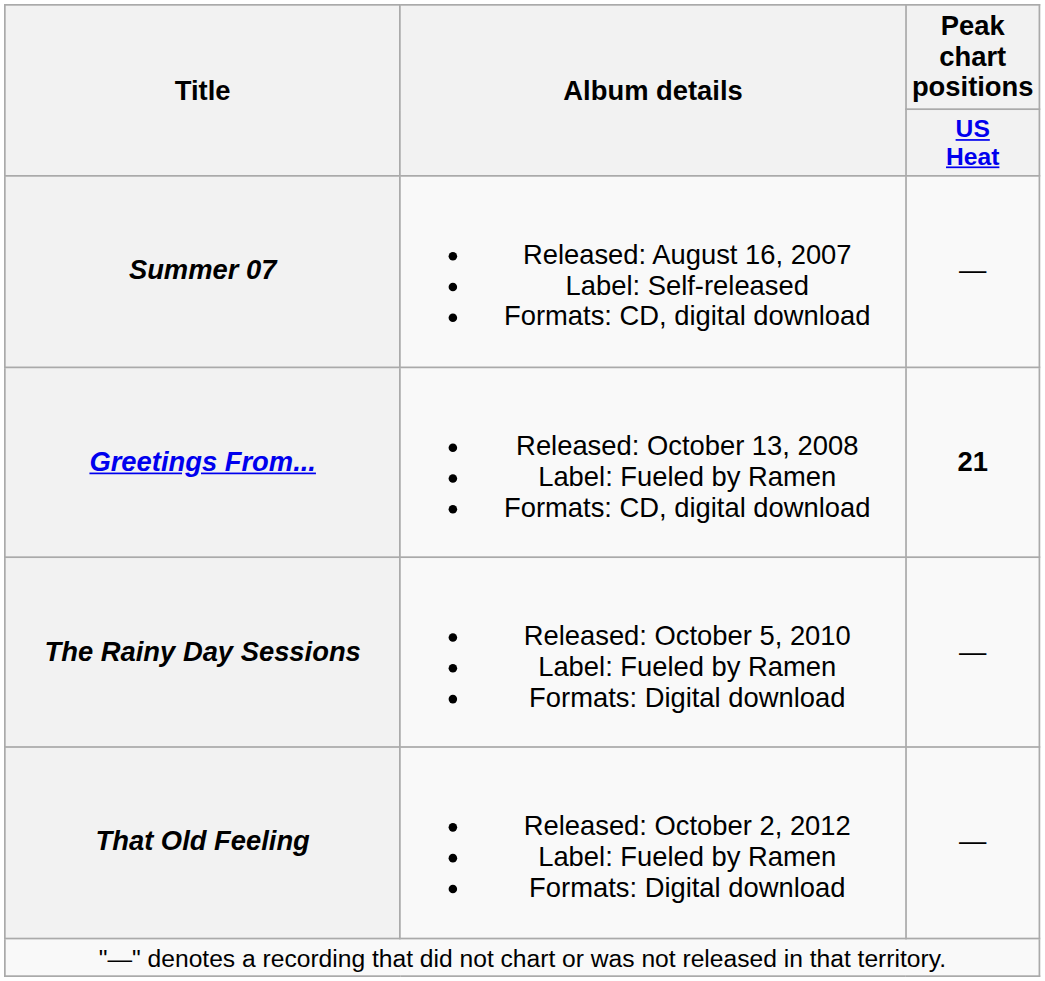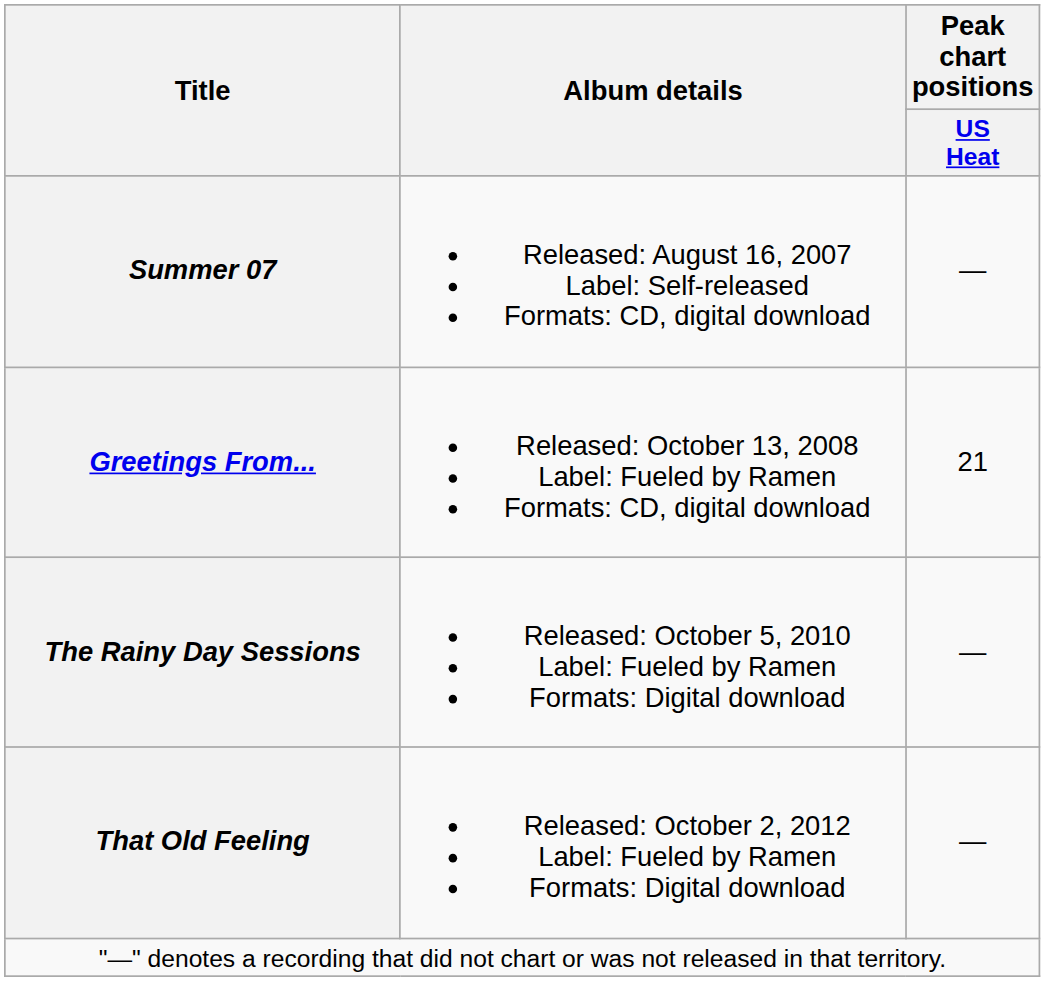 <table class="wikitable plainrowheaders" style="text-align:center;">
 <tr>
 <th scope="col" rowspan="2" style="width:14em;">Title</th>
 <th scope="col" rowspan="2" style="width:18em;">Album details</th>
 <th scope="col">Peak chart positions</th>
 </tr>
 <tr>
 <th scope="col" style="width:3em;font-size:90%;"><a href='#'>US<br>Heat</a><br></th>
 </tr>
 <tr>
 <th scope="row"><em>Summer 07</em></th>
 <td><br><ul><li>Released: August 16, 2007</li><li>Label: Self-released</li><li>Formats: CD, digital download</li></ul></td>
 <td>—</td>
 </tr>
 <tr>
 <th scope="row"><em><a href='#'>Greetings From...</a></em></th>
 <td><br><ul><li>Released: October 13, 2008</li><li>Label: Fueled by Ramen</li><li>Formats: CD, digital download</li></ul></td>
-<td><strong>21</strong></td>
+<td>21</td>
 </tr>
 <tr>
 <th scope="row"><em>The Rainy Day Sessions</em></th>
 <td><br><ul><li>Released: October 5, 2010</li><li>Label: Fueled by Ramen</li><li>Formats: Digital download</li></ul></td>
 <td>—</td>
 </tr>
 <tr>
 <th scope="row"><em>That Old Feeling</em></th>
 <td><br><ul><li>Released: October 2, 2012</li><li>Label: Fueled by Ramen</li><li>Formats: Digital download</li></ul></td>
 <td>—</td>
 </tr>
 <tr>
 <td colspan="6" style="font-size:90%">"—" denotes a recording that did not chart or was not released in that territory.</td>
 </tr>
 </table>
